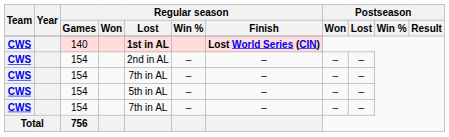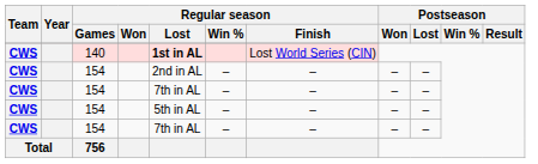 <table class="wikitable" style="font-size: 95%; text-align:center;">
 <tr>
 <th rowspan="2">Team</th>
 <th rowspan="2">Year</th>
 <th colspan="5">Regular season</th>
 <th colspan="4">Postseason</th>
 </tr>
 <tr>
 <th>Games</th>
 <th>Won</th>
 <th>Lost</th>
 <th>Win %</th>
 <th>Finish</th>
 <th>Won</th>
 <th>Lost</th>
 <th>Win %</th>
 <th>Result</th>
 </tr>
 <tr>
 </tr>
 <tr style="background:#fdd">
 <th><a href='#'>CWS</a></th>
 <th></th>
 <td>140</td>
 <td></td>
 <td><strong>1st in AL</strong></td>
 <td></td>
-<td><strong>Lost <a href='#'>World Series</a> (<a href='#'>CIN</a>)</strong></td>
+<td>Lost <a href='#'>World Series</a> (<a href='#'>CIN</a>)</td>
 </tr>
 <tr>
 <th><a href='#'>CWS</a></th>
 <th></th>
 <td>154</td>
 <td></td>
 <td>2nd in AL</td>
 <td>–</td>
 <td>–</td>
 <td>–</td>
 <td>–</td>
 </tr>
 <tr>
 <th><a href='#'>CWS</a></th>
 <th></th>
 <td>154</td>
 <td></td>
 <td>7th in AL</td>
 <td>–</td>
 <td>–</td>
 <td>–</td>
 <td>–</td>
 </tr>
 <tr>
 <th><a href='#'>CWS</a></th>
 <th></th>
 <td>154</td>
 <td></td>
 <td>5th in AL</td>
 <td>–</td>
 <td>–</td>
 <td>–</td>
 <td>–</td>
 </tr>
 <tr>
 <th><a href='#'>CWS</a></th>
 <th></th>
 <td>154</td>
 <td></td>
 <td>7th in AL</td>
 <td>–</td>
 <td>–</td>
 <td>–</td>
 <td>–</td>
 </tr>
 <tr>
 <th colspan="2">Total</th>
 <th>756</th>
 <th></th>
 <th></th>
 <th></th>
 <th></th>
 </tr>
 </table>
